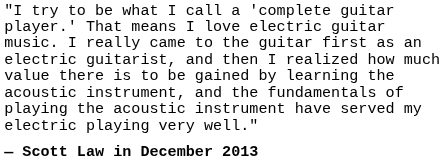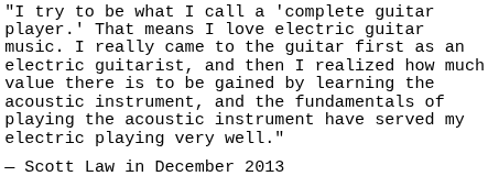 <table class="toccolours" style="float: right; margin-left: 1em; margin-right: 0em; font-size: 85%; background:offwhite; color:black; width:30em; max-width: 40%;" cellspacing="5">
 <tr>
 <td style="text-align: left;">"I try to be what I call a 'complete guitar player.' That means I love electric guitar music. I really came to the guitar first as an electric guitarist, and then I realized how much value there is to be gained by learning the acoustic instrument, and the fundamentals of playing the acoustic instrument have served my electric playing very well."</td>
 </tr>
 <tr>
-<td style="text-align: left;"><strong>— Scott Law in December 2013</strong></td>
+<td style="text-align: left;">— Scott Law in December 2013</td>
 </tr>
 </table>
